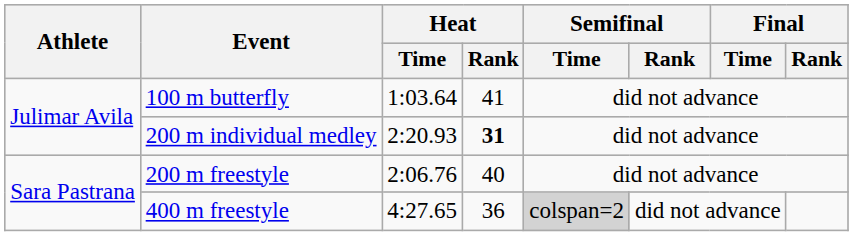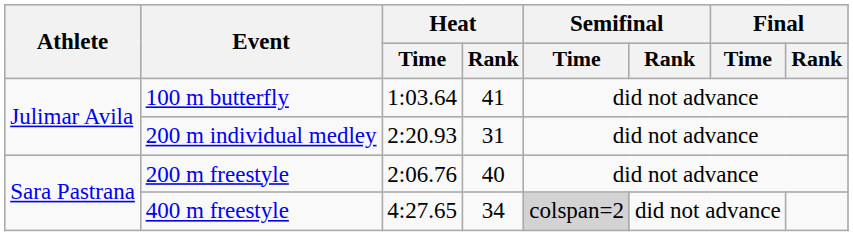 <table class="wikitable" style="text-align:center; font-size:90%">
 <tr>
 <th rowspan="2">Athlete</th>
 <th rowspan="2">Event</th>
 <th colspan="2">Heat</th>
 <th colspan="2">Semifinal</th>
 <th colspan="2">Final</th>
 </tr>
 <tr style="font-size:95%">
 <th>Time</th>
 <th>Rank</th>
 <th>Time</th>
 <th>Rank</th>
 <th>Time</th>
 <th>Rank</th>
 </tr>
 <tr>
 <td align=left rowspan=2><a href='#'>Julimar Avila</a></td>
 <td align=left><a href='#'>100 m butterfly</a></td>
 <td>1:03.64</td>
 <td>41</td>
 <td colspan=4>did not advance</td>
 </tr>
 <tr>
 <td align=left><a href='#'>200 m individual medley</a></td>
 <td>2:20.93</td>
-<td><strong>31</strong></td>
+<td>31</td>
 <td colspan=4>did not advance</td>
 </tr>
 <tr>
 <td align=left rowspan=2><a href='#'>Sara Pastrana</a></td>
 <td align=left><a href='#'>200 m freestyle</a></td>
 <td>2:06.76</td>
 <td>40</td>
 <td colspan=4>did not advance</td>
 </tr>
 <tr>
 <td align=left><a href='#'>400 m freestyle</a></td>
 <td>4:27.65</td>
-<td>36</td>
+<td>34</td>
 <td style="background: lightgrey;">colspan=2</td>
 <td colspan=2>did not advance</td>
 </tr>
 </table>
